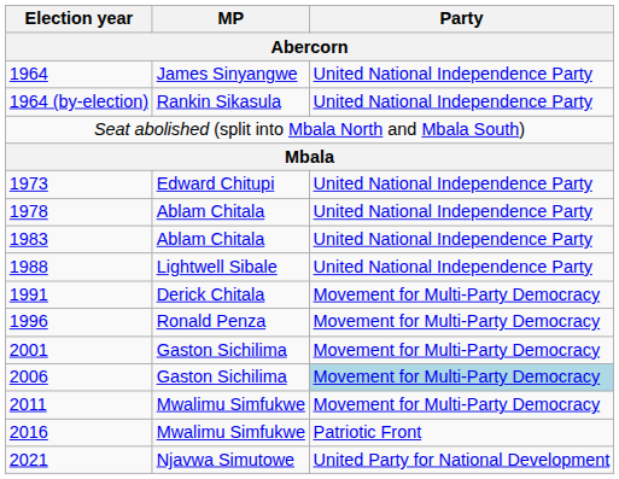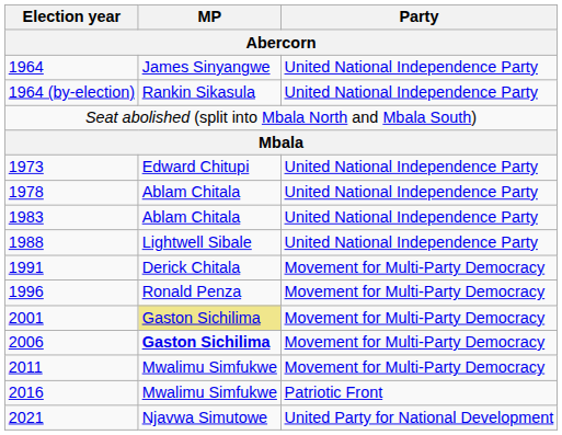 <table class=wikitable>
 <tr>
 <th>Election year</th>
 <th>MP</th>
 <th>Party</th>
 </tr>
 <tr>
 <th colspan=3>Abercorn</th>
 </tr>
 <tr>
 <td><a href='#'>1964</a></td>
 <td><a href='#'>James Sinyangwe</a></td>
 <td><a href='#'>United National Independence Party</a></td>
 </tr>
 <tr>
 <td><a href='#'>1964 (by-election)</a></td>
 <td><a href='#'>Rankin Sikasula</a></td>
 <td><a href='#'>United National Independence Party</a></td>
 </tr>
 <tr>
 <td colspan=3 align=center><em>Seat abolished</em> (split into <a href='#'>Mbala North</a> and <a href='#'>Mbala South</a>)</td>
 </tr>
 <tr>
 <th colspan=3>Mbala</th>
 </tr>
 <tr>
 <td><a href='#'>1973</a></td>
 <td><a href='#'>Edward Chitupi</a></td>
 <td><a href='#'>United National Independence Party</a></td>
 </tr>
 <tr>
 <td><a href='#'>1978</a></td>
 <td><a href='#'>Ablam Chitala</a></td>
 <td><a href='#'>United National Independence Party</a></td>
 </tr>
 <tr>
 <td><a href='#'>1983</a></td>
 <td><a href='#'>Ablam Chitala</a></td>
 <td><a href='#'>United National Independence Party</a></td>
 </tr>
 <tr>
 <td><a href='#'>1988</a></td>
 <td><a href='#'>Lightwell Sibale</a></td>
 <td><a href='#'>United National Independence Party</a></td>
 </tr>
 <tr>
 <td><a href='#'>1991</a></td>
 <td><a href='#'>Derick Chitala</a></td>
 <td><a href='#'>Movement for Multi-Party Democracy</a></td>
 </tr>
 <tr>
 <td><a href='#'>1996</a></td>
 <td><a href='#'>Ronald Penza</a></td>
 <td><a href='#'>Movement for Multi-Party Democracy</a></td>
 </tr>
 <tr>
 <td><a href='#'>2001</a></td>
-<td><a href='#'>Gaston Sichilima</a></td>
+<td style="background: khaki;"><a href='#'>Gaston Sichilima</a></td>
 <td><a href='#'>Movement for Multi-Party Democracy</a></td>
 </tr>
 <tr>
 <td><a href='#'>2006</a></td>
-<td><a href='#'>Gaston Sichilima</a></td>
-<td style="background: lightblue;"><a href='#'>Movement for Multi-Party Democracy</a></td>
+<td><strong><a href='#'>Gaston Sichilima</a></strong></td>
+<td><a href='#'>Movement for Multi-Party Democracy</a></td>
 </tr>
 <tr>
 <td><a href='#'>2011</a></td>
 <td><a href='#'>Mwalimu Simfukwe</a></td>
 <td><a href='#'>Movement for Multi-Party Democracy</a></td>
 </tr>
 <tr>
 <td><a href='#'>2016</a></td>
 <td><a href='#'>Mwalimu Simfukwe</a></td>
 <td><a href='#'>Patriotic Front</a></td>
 </tr>
 <tr>
 <td><a href='#'>2021</a></td>
 <td><a href='#'>Njavwa Simutowe</a></td>
 <td><a href='#'>United Party for National Development</a></td>
 </tr>
 </table>
